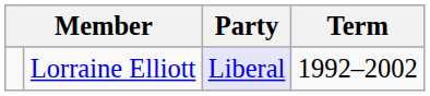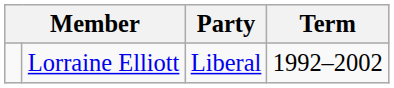 <table class="wikitable">
 <tr>
 <th colspan="2">Member</th>
 <th>Party</th>
 <th>Term</th>
 </tr>
 <tr>
 <td> </td>
 <td><a href='#'>Lorraine Elliott</a></td>
-<td style="background: lavender;"><a href='#'>Liberal</a></td>
+<td><a href='#'>Liberal</a></td>
 <td>1992–2002</td>
 </tr>
 </table>
